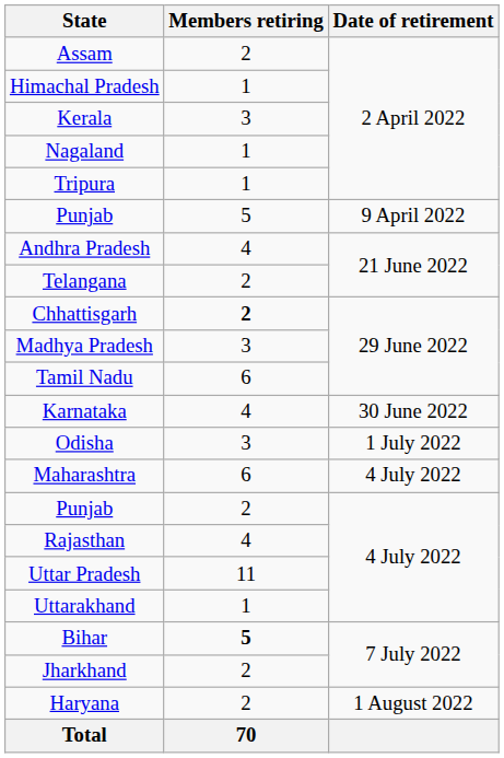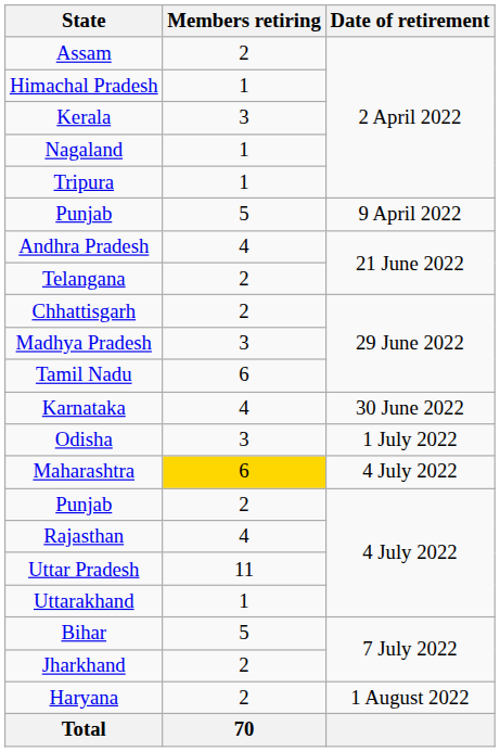 <table class="wikitable sortable" style="text-align:center;">
 <tr>
 <th>State</th>
 <th>Members retiring</th>
 <th>Date of retirement</th>
 </tr>
 <tr>
 <td><a href='#'>Assam</a></td>
 <td>2</td>
 <td rowspan="5">2 April 2022</td>
 </tr>
 <tr>
 <td><a href='#'>Himachal Pradesh</a></td>
 <td>1</td>
 </tr>
 <tr>
 <td><a href='#'>Kerala</a></td>
 <td>3</td>
 </tr>
 <tr>
 <td><a href='#'>Nagaland</a></td>
 <td>1</td>
 </tr>
 <tr>
 <td><a href='#'>Tripura</a></td>
 <td>1</td>
 </tr>
 <tr>
 <td><a href='#'>Punjab</a></td>
 <td>5</td>
 <td>9 April 2022</td>
 </tr>
 <tr>
 <td><a href='#'>Andhra Pradesh</a></td>
 <td>4</td>
 <td rowspan="2">21 June 2022</td>
 </tr>
 <tr>
 <td><a href='#'>Telangana</a></td>
 <td>2</td>
 </tr>
 <tr>
 <td><a href='#'>Chhattisgarh</a></td>
-<td><strong>2</strong></td>
+<td>2</td>
 <td rowspan="3">29 June 2022</td>
 </tr>
 <tr>
 <td><a href='#'>Madhya Pradesh</a></td>
 <td>3</td>
 </tr>
 <tr>
 <td><a href='#'>Tamil Nadu</a></td>
 <td>6</td>
 </tr>
 <tr>
 <td><a href='#'>Karnataka</a></td>
 <td>4</td>
 <td>30 June 2022</td>
 </tr>
 <tr>
 <td><a href='#'>Odisha</a></td>
 <td>3</td>
 <td>1 July 2022</td>
 </tr>
 <tr>
 <td><a href='#'>Maharashtra</a></td>
-<td>6</td>
+<td style="background: gold;">6</td>
 <td>4 July 2022</td>
 </tr>
 <tr>
 <td><a href='#'>Punjab</a></td>
 <td>2</td>
 <td rowspan="4">4 July 2022</td>
 </tr>
 <tr>
 <td><a href='#'>Rajasthan</a></td>
 <td>4</td>
 </tr>
 <tr>
 <td><a href='#'>Uttar Pradesh</a></td>
 <td>11</td>
 </tr>
 <tr>
 <td><a href='#'>Uttarakhand</a></td>
 <td>1</td>
 </tr>
 <tr>
 <td><a href='#'>Bihar</a></td>
-<td><strong>5</strong></td>
+<td>5</td>
 <td rowspan="2">7 July 2022</td>
 </tr>
 <tr>
 <td><a href='#'>Jharkhand</a></td>
 <td>2</td>
 </tr>
 <tr>
 <td><a href='#'>Haryana</a></td>
 <td>2</td>
 <td>1 August 2022</td>
 </tr>
 <tr>
 <th>Total</th>
 <th>70</th>
 <th></th>
 </tr>
 </table>
